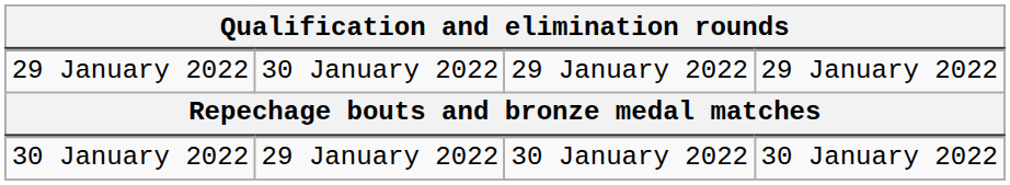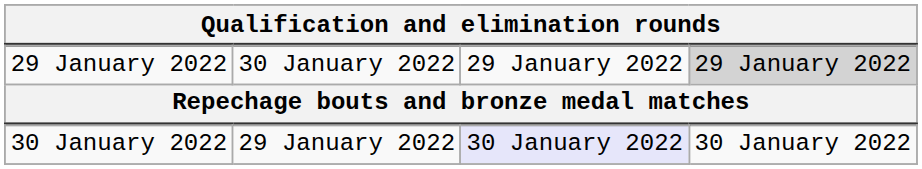 <table class=wikitable style="text-align:center;">
 <tr>
 <th colspan=4>Qualification and elimination rounds</th>
 </tr>
 <tr style="border-top: 2px solid #333333;">
 </tr>
 <tr>
 <td>29 January 2022 </td>
 <td>30 January 2022 </td>
 <td>29 January 2022 </td>
-<td>29 January 2022 </td>
+<td style="background: lightgrey;">29 January 2022 </td>
 </tr>
 <tr>
 <th colspan=4>Repechage bouts and bronze medal matches</th>
 </tr>
 <tr style="border-top: 2px solid #333333;">
 </tr>
 <tr>
 <td>30 January 2022 </td>
 <td>29 January 2022 </td>
-<td>30 January 2022 </td>
+<td style="background: lavender;">30 January 2022 </td>
 <td>30 January 2022 </td>
 </tr>
 </table>
